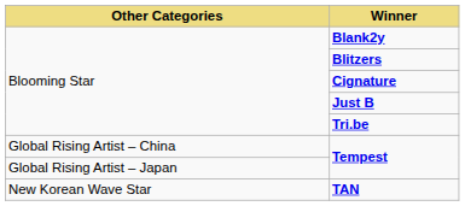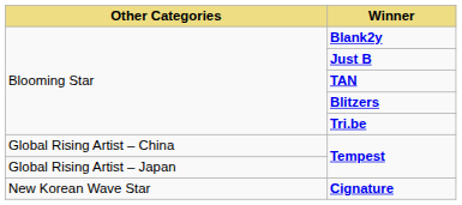 <table class="wikitable" style="width:60%">
 <tr>
 <th style="background:#EEDD82">Other Categories</th>
 <th style="background:#EEDD82">Winner</th>
 </tr>
 <tr>
 <td rowspan="5">Blooming Star</td>
 <td><strong><a href='#'>Blank2y</a></strong></td>
 </tr>
 <tr>
-<td><strong><a href='#'>Blitzers</a></strong></td>
+<td><strong><a href='#'>Just B</a></strong></td>
 </tr>
 <tr>
-<td><strong><a href='#'>Cignature</a></strong></td>
+<td><strong><a href='#'>TAN</a></strong></td>
 </tr>
 <tr>
-<td><strong><a href='#'>Just B</a></strong></td>
+<td><strong><a href='#'>Blitzers</a></strong></td>
 </tr>
 <tr>
 <td><strong><a href='#'>Tri.be</a></strong></td>
 </tr>
 <tr>
 <td>Global Rising Artist – China</td>
 <td rowspan="2"><strong><a href='#'>Tempest</a></strong></td>
 </tr>
 <tr>
 <td>Global Rising Artist – Japan</td>
 </tr>
 <tr>
 <td>New Korean Wave Star</td>
-<td><strong><a href='#'>TAN</a></strong></td>
+<td><strong><a href='#'>Cignature</a></strong></td>
 </tr>
 </table>
